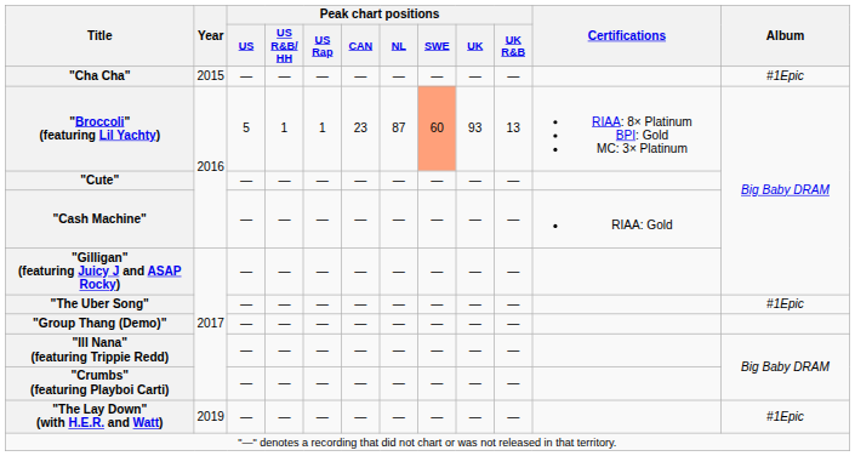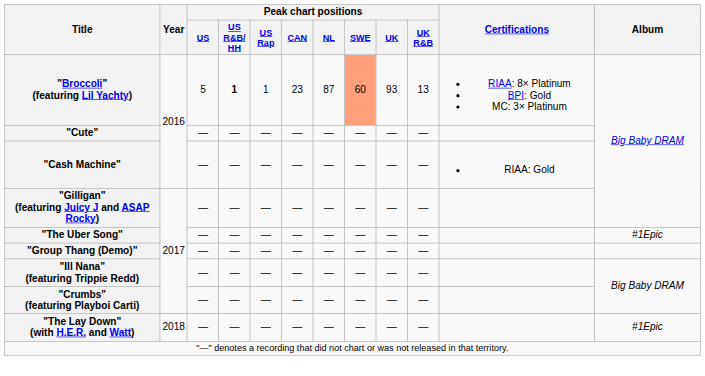 <table class="wikitable plainrowheaders" style="text-align:center;">
 <tr>
 <th scope="col" rowspan="2" style="width:15em;">Title</th>
 <th scope="col" rowspan="2" style="width:1em;">Year</th>
 <th scope="col" colspan="8">Peak chart positions</th>
 <th scope="col" rowspan="2" style="width:15em;"><a href='#'>Certifications</a></th>
 <th scope="col" rowspan="2" style="width:10em;">Album</th>
 </tr>
 <tr>
 <th scope="col" style="width:3em;font-size:90%;"><a href='#'>US</a><br></th>
 <th scope="col" style="width:3em;font-size:90%;"><a href='#'>US<br>R&B/<br>HH</a><br></th>
 <th scope="col" style="width:3em;font-size:90%;"><a href='#'>US Rap</a><br></th>
 <th scope="col" style="width:3em;font-size:90%;"><a href='#'>CAN</a><br></th>
 <th scope="col" style="width:3em;font-size:90%;"><a href='#'>NL</a><br></th>
 <th scope="col" style="width:3em;font-size:90%;"><a href='#'>SWE</a><br></th>
 <th scope="col" style="width:3em;font-size:90%;"><a href='#'>UK</a><br></th>
 <th scope="col" style="width:3em;font-size:90%;"><a href='#'>UK<br>R&B</a><br></th>
 </tr>
 <tr>
-<th scope="row">"Cha Cha"</th>
-<td>2015</td>
-<td>—</td>
-<td>—</td>
-<td>—</td>
-<td>—</td>
-<td>—</td>
-<td>—</td>
-<td>—</td>
-<td>—</td>
-<td></td>
-<td><em>#1Epic</em></td>
-</tr>
-<tr>
 <th scope="row">"<a href='#'>Broccoli</a>"<br><span>(featuring <a href='#'>Lil Yachty</a>)</span></th>
 <td rowspan="3">2016</td>
 <td>5</td>
-<td>1</td>
+<td><strong>1</strong></td>
 <td>1</td>
 <td>23</td>
 <td>87</td>
 <td style="background: lightsalmon;">60</td>
 <td>93</td>
 <td>13</td>
 <td><br><ul><li><a href='#'>RIAA</a>: 8× Platinum</li><li><a href='#'>BPI</a>: Gold</li><li>MC: 3× Platinum</li></ul></td>
 <td rowspan="4"><em><a href='#'>Big Baby DRAM</a></em></td>
 </tr>
 <tr>
 <th scope="row">"Cute"</th>
 <td>—</td>
 <td>—</td>
 <td>—</td>
 <td>—</td>
 <td>—</td>
 <td>—</td>
 <td>—</td>
 <td>—</td>
 <td></td>
 </tr>
 <tr>
 <th scope="row">"Cash Machine"</th>
 <td>—</td>
 <td>—</td>
 <td>—</td>
 <td>—</td>
 <td>—</td>
 <td>—</td>
 <td>—</td>
 <td>—</td>
 <td><br><ul><li>RIAA: Gold</li></ul></td>
 </tr>
 <tr>
 <th scope="row">"Gilligan"<br><span>(featuring <a href='#'>Juicy J</a> and <a href='#'>ASAP Rocky</a>)</span></th>
 <td rowspan="5">2017</td>
 <td>—</td>
 <td>—</td>
 <td>—</td>
 <td>—</td>
 <td>—</td>
 <td>—</td>
 <td>—</td>
 <td>—</td>
 </tr>
 <tr>
 <th scope="row">"The Uber Song"</th>
 <td>—</td>
 <td>—</td>
 <td>—</td>
 <td>—</td>
 <td>—</td>
 <td>—</td>
 <td>—</td>
 <td>—</td>
 <td></td>
 <td><em>#1Epic</em></td>
 </tr>
 <tr>
 <th scope="row">"Group Thang (Demo)"</th>
 <td>—</td>
 <td>—</td>
 <td>—</td>
 <td>—</td>
 <td>—</td>
 <td>—</td>
 <td>—</td>
 <td>—</td>
 <td></td>
 </tr>
 <tr>
 <th scope="row">"Ill Nana"<br><span>(featuring Trippie Redd)</span></th>
 <td>—</td>
 <td>—</td>
 <td>—</td>
 <td>—</td>
 <td>—</td>
 <td>—</td>
 <td>—</td>
 <td>—</td>
 <td></td>
 <td rowspan="2"><em>Big Baby DRAM</em></td>
 </tr>
 <tr>
 <th scope="row">"Crumbs"<br><span>(featuring Playboi Carti)</span></th>
 <td>—</td>
 <td>—</td>
 <td>—</td>
 <td>—</td>
 <td>—</td>
 <td>—</td>
 <td>—</td>
 <td>—</td>
 <td></td>
 </tr>
 <tr>
 <th scope="row">"The Lay Down"<br><span>(with <a href='#'>H.E.R.</a> and <a href='#'>Watt</a>)</span></th>
-<td>2019</td>
+<td>2018</td>
 <td>—</td>
 <td>—</td>
 <td>—</td>
 <td>—</td>
 <td>—</td>
 <td>—</td>
 <td>—</td>
 <td>—</td>
 <td></td>
 <td><em>#1Epic</em></td>
 </tr>
 <tr>
 <td colspan="12" style="font-size:90%">"—" denotes a recording that did not chart or was not released in that territory.</td>
 </tr>
 </table>
